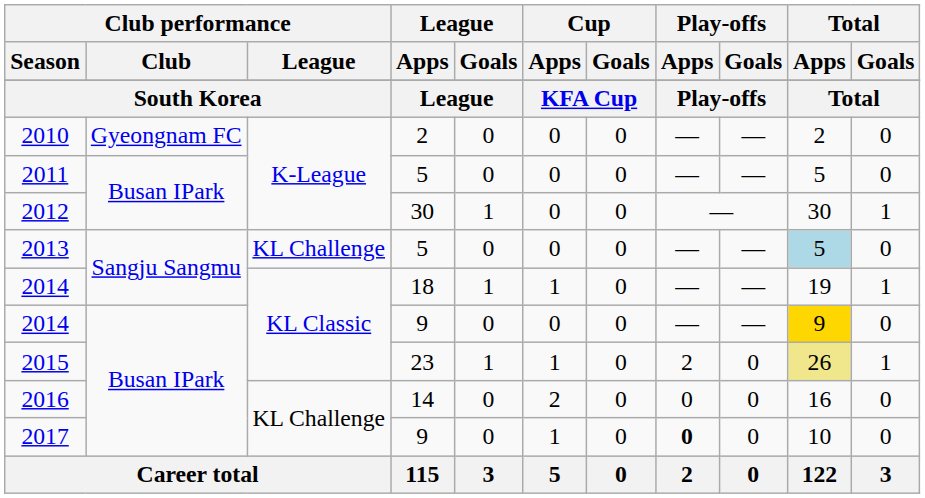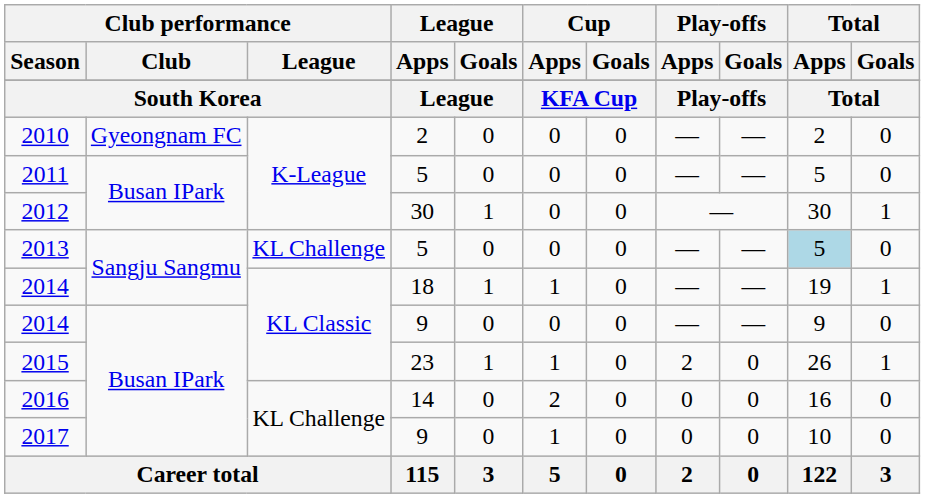 <table class="wikitable" style="text-align:center">
 <tr>
 <th colspan=3>Club performance</th>
 <th colspan=2>League</th>
 <th colspan=2>Cup</th>
 <th colspan=2>Play-offs</th>
 <th colspan=2>Total</th>
 </tr>
 <tr>
 <th>Season</th>
 <th>Club</th>
 <th>League</th>
 <th>Apps</th>
 <th>Goals</th>
 <th>Apps</th>
 <th>Goals</th>
 <th>Apps</th>
 <th>Goals</th>
 <th>Apps</th>
 <th>Goals</th>
 </tr>
 <tr>
 </tr>
 <tr>
 <th colspan=3>South Korea</th>
 <th colspan=2>League</th>
 <th colspan=2><a href='#'>KFA Cup</a></th>
 <th colspan=2>Play-offs</th>
 <th colspan=2>Total</th>
 </tr>
 <tr>
 <td><a href='#'>2010</a></td>
 <td rowspan="1"><a href='#'>Gyeongnam FC</a></td>
 <td rowspan="3"><a href='#'>K-League</a></td>
 <td>2</td>
 <td>0</td>
 <td>0</td>
 <td>0</td>
 <td>—</td>
 <td>—</td>
 <td>2</td>
 <td>0</td>
 </tr>
 <tr>
 <td><a href='#'>2011</a></td>
 <td rowspan="2"><a href='#'>Busan IPark</a></td>
 <td>5</td>
 <td>0</td>
 <td>0</td>
 <td>0</td>
 <td>—</td>
 <td>—</td>
 <td>5</td>
 <td>0</td>
 </tr>
 <tr>
 <td><a href='#'>2012</a></td>
 <td>30</td>
 <td>1</td>
 <td>0</td>
 <td>0</td>
 <td colspan="2">—</td>
 <td>30</td>
 <td>1</td>
 </tr>
 <tr>
 <td><a href='#'>2013</a></td>
 <td rowspan="2"><a href='#'>Sangju Sangmu</a></td>
 <td rowspan="1"><a href='#'>KL Challenge</a></td>
 <td>5</td>
 <td>0</td>
 <td>0</td>
 <td>0</td>
 <td>—</td>
 <td>—</td>
 <td style="background: lightblue;">5</td>
 <td>0</td>
 </tr>
 <tr>
 <td><a href='#'>2014</a></td>
 <td rowspan="3"><a href='#'>KL Classic</a></td>
 <td>18</td>
 <td>1</td>
 <td>1</td>
 <td>0</td>
 <td>—</td>
 <td>—</td>
 <td>19</td>
 <td>1</td>
 </tr>
 <tr>
 <td><a href='#'>2014</a></td>
 <td rowspan="4"><a href='#'>Busan IPark</a></td>
 <td>9</td>
 <td>0</td>
 <td>0</td>
 <td>0</td>
 <td>—</td>
 <td>—</td>
-<td style="background: gold;">9</td>
+<td>9</td>
 <td>0</td>
 </tr>
 <tr>
 <td><a href='#'>2015</a></td>
 <td>23</td>
 <td>1</td>
 <td>1</td>
 <td>0</td>
 <td>2</td>
 <td>0</td>
-<td style="background: khaki;">26</td>
+<td>26</td>
 <td>1</td>
 </tr>
 <tr>
 <td><a href='#'>2016</a></td>
 <td rowspan="2">KL Challenge</td>
 <td>14</td>
 <td>0</td>
 <td>2</td>
 <td>0</td>
 <td>0</td>
 <td>0</td>
 <td>16</td>
 <td>0</td>
 </tr>
 <tr>
 <td><a href='#'>2017</a></td>
 <td>9</td>
 <td>0</td>
 <td>1</td>
 <td>0</td>
-<td><strong>0</strong></td>
+<td>0</td>
 <td>0</td>
 <td>10</td>
 <td>0</td>
 </tr>
 <tr>
 <th colspan=3>Career total</th>
 <th>115</th>
 <th>3</th>
 <th>5</th>
 <th>0</th>
 <th>2</th>
 <th>0</th>
 <th>122</th>
 <th>3</th>
 </tr>
 </table>
